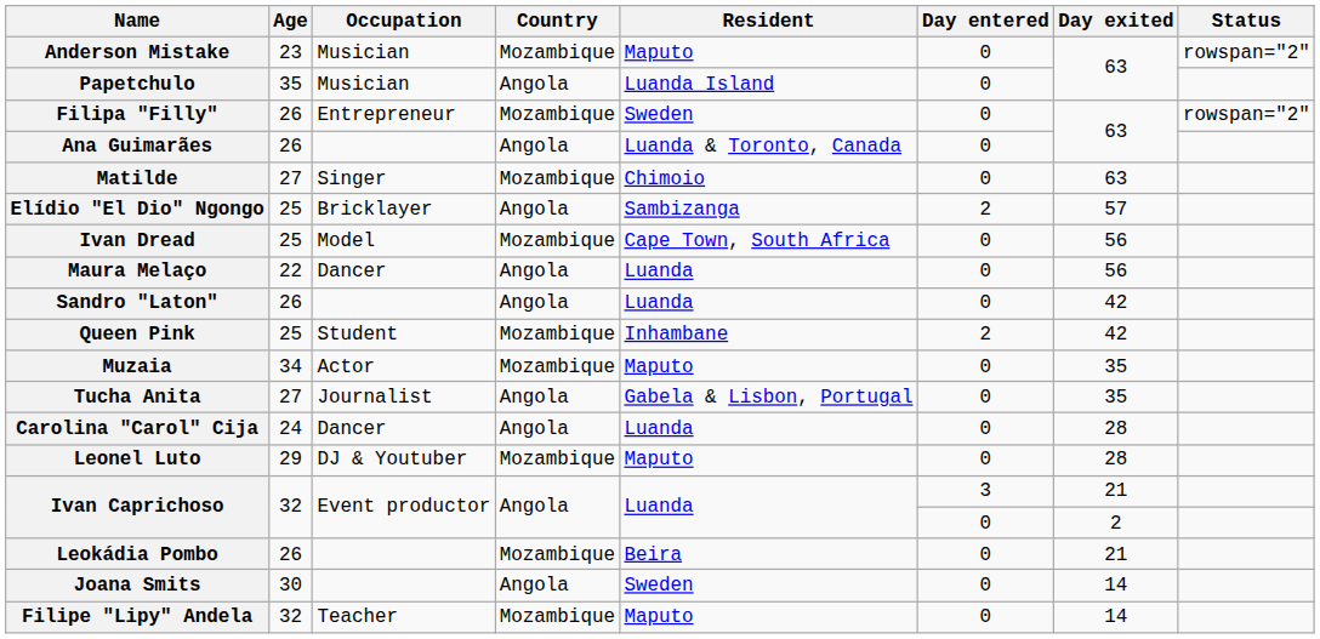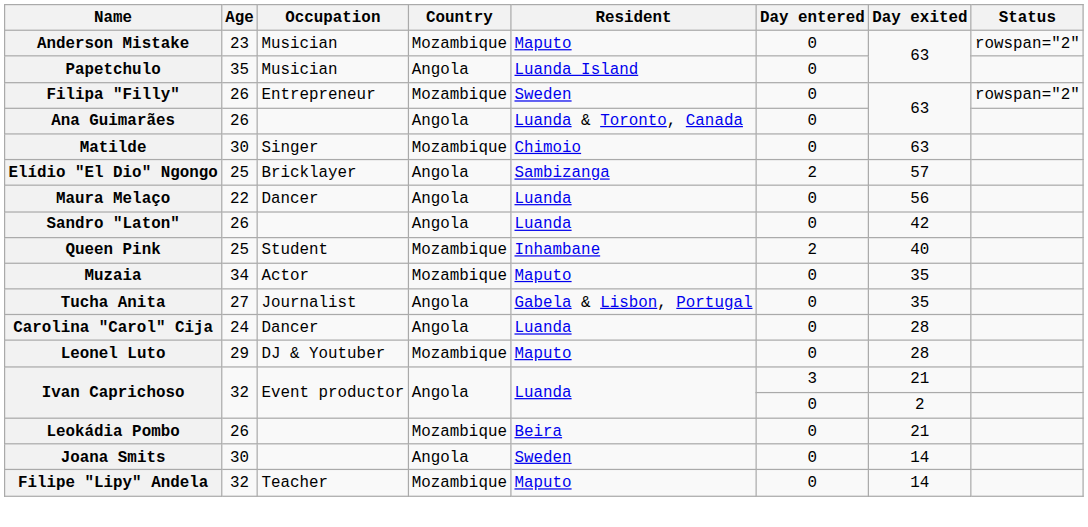 <table class="wikitable">
 <tr>
 <th>Name</th>
 <th>Age</th>
 <th>Occupation</th>
 <th>Country</th>
 <th>Resident</th>
 <th>Day entered</th>
 <th>Day exited</th>
 <th>Status</th>
 </tr>
 <tr>
 <th>Anderson <strong>Mistake</strong></th>
 <td align=center>23</td>
 <td>Musician</td>
 <td>Mozambique</td>
 <td><a href='#'>Maputo</a></td>
 <td align=center>0</td>
 <td rowspan="2" align=center>63</td>
 <td>rowspan="2" </td>
 </tr>
 <tr>
 <th>Papetchulo</th>
 <td align=center>35</td>
 <td>Musician</td>
 <td>Angola</td>
 <td><a href='#'>Luanda Island</a></td>
 <td align=center>0</td>
 </tr>
 <tr>
 <th>Filipa <strong>"Filly"</strong></th>
 <td align=center>26</td>
 <td>Entrepreneur</td>
 <td>Mozambique</td>
 <td><a href='#'>Sweden</a></td>
 <td align=center>0</td>
 <td rowspan="2" align=center>63</td>
 <td>rowspan="2" </td>
 </tr>
 <tr>
 <th><strong>Ana</strong> Guimarães</th>
 <td align=center>26</td>
 <td></td>
 <td>Angola</td>
 <td><a href='#'>Luanda</a> & <a href='#'>Toronto</a>, <a href='#'>Canada</a></td>
 <td align=center>0</td>
 </tr>
 <tr>
 <th>Matilde</th>
-<td align=center>27</td>
+<td align=center>30</td>
 <td>Singer</td>
 <td>Mozambique</td>
 <td><a href='#'>Chimoio</a></td>
 <td align=center>0</td>
 <td align=center>63</td>
 <td></td>
 </tr>
 <tr>
 <th>Elídio <strong>"El Dio"</strong> Ngongo</th>
 <td align=center>25</td>
 <td>Bricklayer</td>
 <td>Angola</td>
 <td><a href='#'>Sambizanga</a></td>
 <td align=center>2</td>
 <td align=center>57</td>
-<td></td>
-</tr>
-<tr>
-<th><strong>Ivan</strong> Dread</th>
-<td align=center>25</td>
-<td>Model</td>
-<td>Mozambique</td>
-<td><a href='#'>Cape Town</a>, <a href='#'>South Africa</a></td>
-<td align=center>0</td>
-<td align=center>56</td>
 <td></td>
 </tr>
 <tr>
 <th><strong>Maura</strong> Melaço</th>
 <td align=center>22</td>
 <td>Dancer</td>
 <td>Angola</td>
 <td><a href='#'>Luanda</a></td>
 <td align=center>0</td>
 <td align=center>56</td>
 <td></td>
 </tr>
 <tr>
 <th>Sandro <strong>"Laton"</strong></th>
 <td align=center>26</td>
 <td></td>
 <td>Angola</td>
 <td><a href='#'>Luanda</a></td>
 <td align=center>0</td>
 <td align=center>42</td>
 <td></td>
 </tr>
 <tr>
 <th>Queen Pink</th>
 <td align=center>25</td>
 <td>Student</td>
 <td>Mozambique</td>
 <td><a href='#'>Inhambane</a></td>
 <td align=center>2</td>
-<td align=center>42</td>
+<td align=center>40</td>
 <td></td>
 </tr>
 <tr>
 <th>Muzaia</th>
 <td align=center>34</td>
 <td>Actor</td>
 <td>Mozambique</td>
 <td><a href='#'>Maputo</a></td>
 <td align=center>0</td>
 <td align=center>35</td>
 <td></td>
 </tr>
 <tr>
 <th>Tucha Anita</th>
 <td align=center>27</td>
 <td>Journalist</td>
 <td>Angola</td>
 <td><a href='#'>Gabela</a> & <a href='#'>Lisbon</a>, <a href='#'>Portugal</a></td>
 <td align=center>0</td>
 <td align=center>35</td>
 <td></td>
 </tr>
 <tr>
 <th>Carolina <strong>"Carol"</strong> Cija</th>
 <td align=center>24</td>
 <td>Dancer</td>
 <td>Angola</td>
 <td><a href='#'>Luanda</a></td>
 <td align=center>0</td>
 <td align=center>28</td>
 <td></td>
 </tr>
 <tr>
 <th><strong>Leonel</strong> Luto</th>
 <td align=center>29</td>
 <td>DJ & Youtuber</td>
 <td>Mozambique</td>
 <td><a href='#'>Maputo</a></td>
 <td align=center>0</td>
 <td align=center>28</td>
 <td></td>
 </tr>
 <tr>
 <th rowspan="2">Ivan <strong>Caprichoso</strong></th>
 <td rowspan="2" align=center>32</td>
 <td rowspan="2">Event productor</td>
 <td rowspan="2">Angola</td>
 <td rowspan="2"><a href='#'>Luanda</a></td>
 <td align=center>3</td>
 <td align=center>21</td>
 <td></td>
 </tr>
 <tr>
 <td align=center>0</td>
 <td align=center>2</td>
 <td></td>
 </tr>
 <tr>
 <th><strong>Leokádia</strong> Pombo</th>
 <td align=center>26</td>
 <td></td>
 <td>Mozambique</td>
 <td><a href='#'>Beira</a></td>
 <td align=center>0</td>
 <td align=center>21</td>
 <td></td>
 </tr>
 <tr>
 <th><strong>Joana</strong> Smits</th>
 <td align=center>30</td>
 <td></td>
 <td>Angola</td>
 <td><a href='#'>Sweden</a></td>
 <td align=center>0</td>
 <td align=center>14</td>
 <td></td>
 </tr>
 <tr>
 <th>Filipe <strong>"Lipy"</strong> Andela</th>
 <td align=center>32</td>
 <td>Teacher</td>
 <td>Mozambique</td>
 <td><a href='#'>Maputo</a></td>
 <td align=center>0</td>
 <td align=center>14</td>
 <td></td>
 </tr>
 </table>
